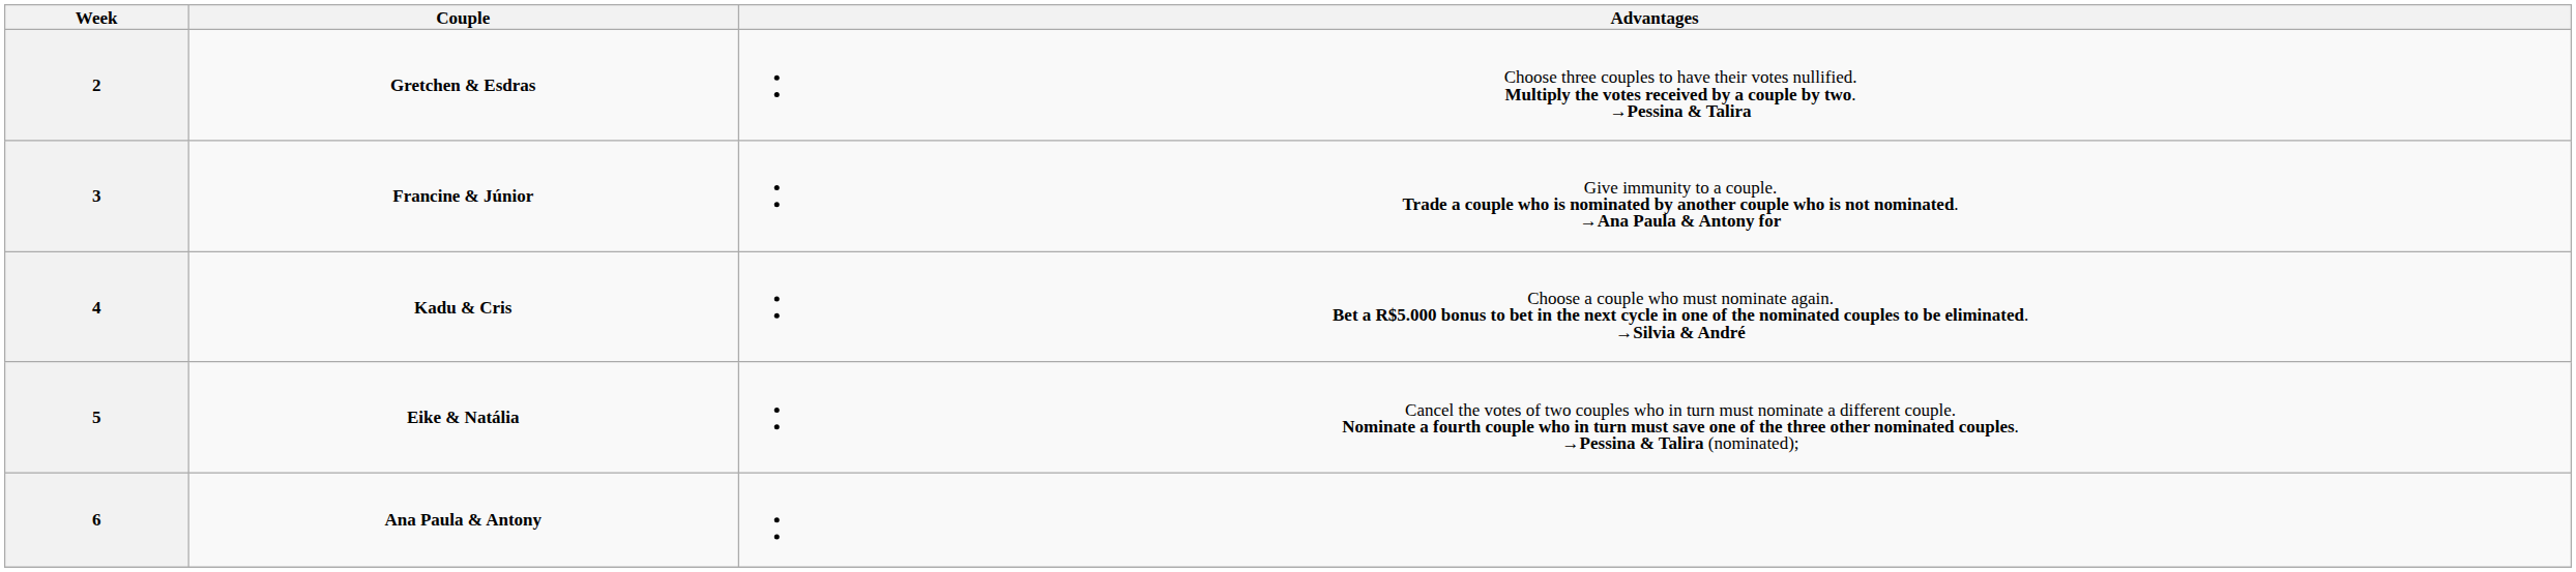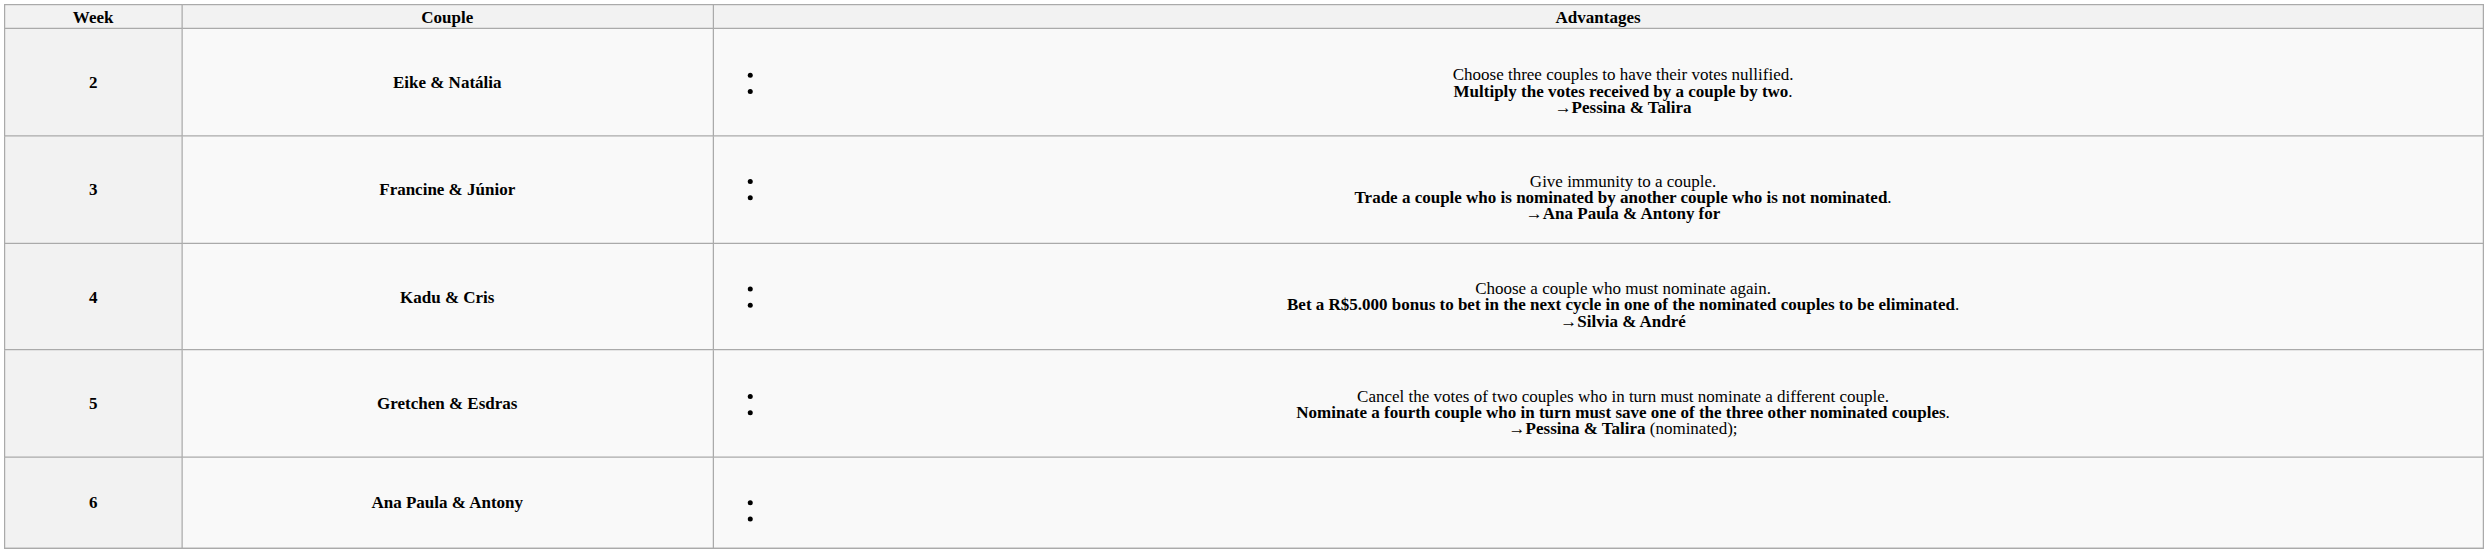 <table class="wikitable" style="text-align:center; font-size:85%; width:100%; line-height:13px;">
 <tr>
 <th style="width:05%">Week</th>
 <th style="width:15%">Couple</th>
 <th style="width:50%">Advantages</th>
 </tr>
 <tr>
 <th>2</th>
-<td><strong>Gretchen & Esdras</strong></td>
+<td><strong>Eike & Natália</strong></td>
 <td><br><ul><li> Choose three couples to have their votes nullified.</li><li> <strong>Multiply the votes received by a couple by two</strong>.<br>→<strong>Pessina & Talira</strong></li></ul></td>
 </tr>
 <tr>
 <th>3</th>
 <td><strong>Francine & Júnior</strong></td>
 <td><br><ul><li> Give immunity to a couple.</li><li> <strong>Trade a couple who is nominated by another couple who is not nominated</strong>.<br>→<strong>Ana Paula & Antony for </strong></li></ul></td>
 </tr>
 <tr>
 <th>4</th>
 <td><strong>Kadu & Cris</strong></td>
 <td><br><ul><li> Choose a couple who must nominate again.</li><li> <strong>Bet a R$5.000 bonus to bet in the next cycle in one of the nominated couples to be eliminated</strong>.<br>→<strong>Silvia & André</strong></li></ul></td>
 </tr>
 <tr>
 <th>5</th>
-<td><strong>Eike & Natália</strong></td>
+<td><strong>Gretchen & Esdras</strong></td>
 <td><br><ul><li> Cancel the votes of two couples who in turn must nominate a different couple.</li><li> <strong>Nominate a fourth couple who in turn must save one of the three other nominated couples</strong>.<br>→<strong>Pessina & Talira</strong> (nominated); </li></ul></td>
 </tr>
 <tr>
 <th>6</th>
 <td><strong>Ana Paula & Antony</strong></td>
 <td><br><ul><li></li><li></li></ul></td>
 </tr>
 <tr>
 </tr>
 </table>
